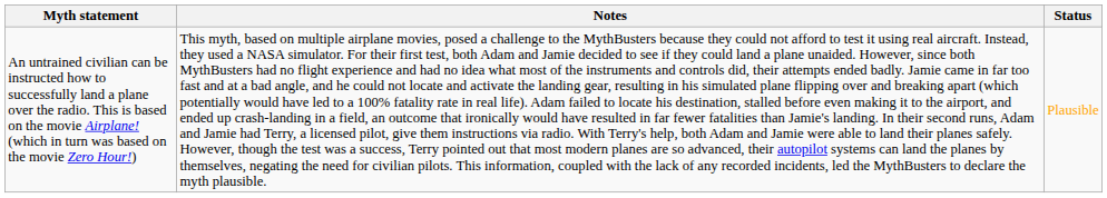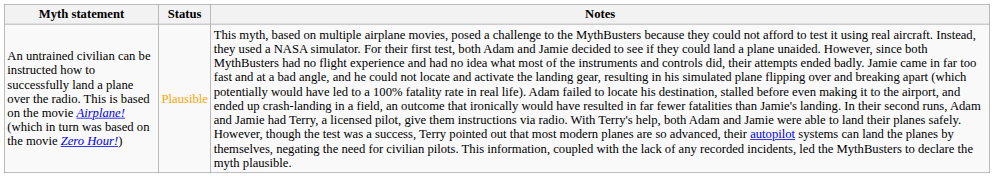 <table class="wikitable plainrowheaders">
 <tr>
 <th>Myth statement</th>
+<th>Status</th>
 <th>Notes</th>
-<th>Status</th>
 </tr>
 <tr>
 <td>An untrained civilian can be instructed how to successfully land a plane over the radio. This is based on the movie <em><a href='#'>Airplane!</a></em> (which in turn was based on the movie <em><a href='#'>Zero Hour!</a></em>)</td>
+<td style="color:orange">Plausible</td>
 <td>This myth, based on multiple airplane movies, posed a challenge to the MythBusters because they could not afford to test it using real aircraft. Instead, they used a NASA simulator. For their first test, both Adam and Jamie decided to see if they could land a plane unaided. However, since both MythBusters had no flight experience and had no idea what most of the instruments and controls did, their attempts ended badly. Jamie came in far too fast and at a bad angle, and he could not locate and activate the landing gear, resulting in his simulated plane flipping over and breaking apart (which potentially would have led to a 100% fatality rate in real life). Adam failed to locate his destination, stalled before even making it to the airport, and ended up crash-landing in a field, an outcome that ironically would have resulted in far fewer fatalities than Jamie's landing. In their second runs, Adam and Jamie had Terry, a licensed pilot, give them instructions via radio. With Terry's help, both Adam and Jamie were able to land their planes safely. However, though the test was a success, Terry pointed out that most modern planes are so advanced, their <a href='#'>autopilot</a> systems can land the planes by themselves, negating the need for civilian pilots. This information, coupled with the lack of any recorded incidents, led the MythBusters to declare the myth plausible.</td>
-<td style="color:orange">Plausible</td>
 </tr>
 </table>
